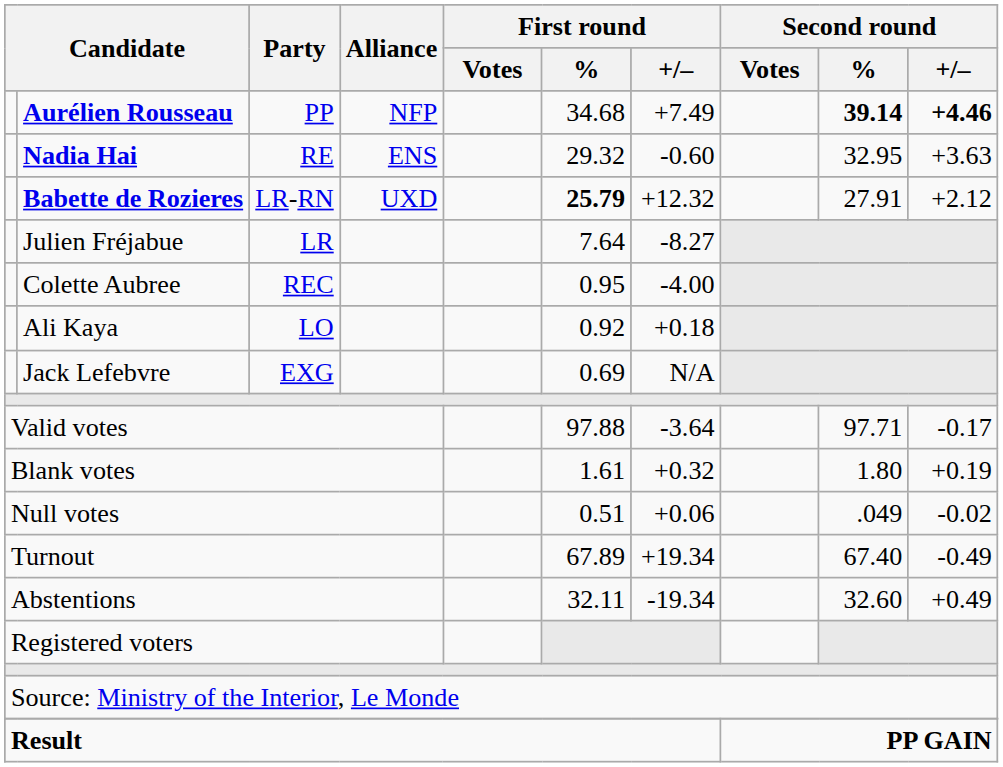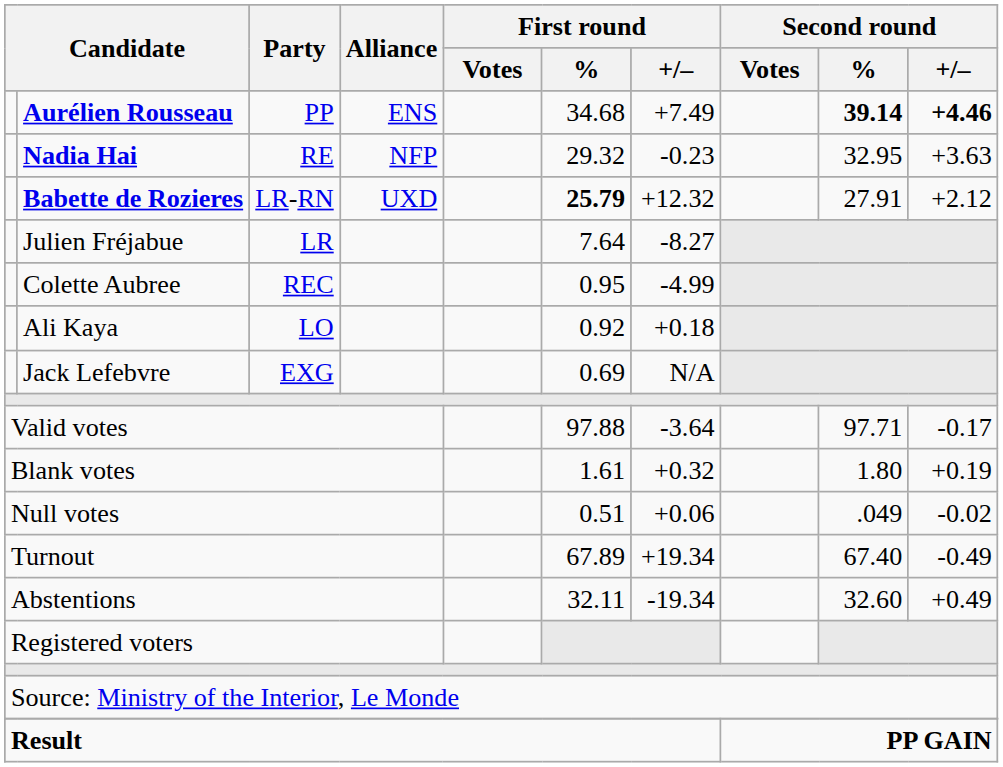 <table class="wikitable" style="text-align:right;font-size:95%;">
 <tr>
 <th rowspan="2" colspan="2">Candidate</th>
 <th rowspan="2">Party</th>
 <th rowspan="2">Alliance</th>
 <th colspan="3">First round</th>
 <th colspan="3">Second round</th>
 </tr>
 <tr>
 <th style="width:50px;">Votes</th>
 <th style="width:45px;">%</th>
 <th style="width:45px;">+/–</th>
 <th style="width:50px;">Votes</th>
 <th style="width:45px;">%</th>
 <th style="width:45px;">+/–</th>
 </tr>
 <tr>
 <td style="color:inherit;background:"></td>
 <td style="text-align:left;"><strong><a href='#'>Aurélien Rousseau</a></strong></td>
 <td><a href='#'>PP</a></td>
-<td><a href='#'>NFP</a></td>
+<td><a href='#'>ENS</a></td>
 <td></td>
 <td>34.68</td>
 <td>+7.49</td>
 <td><strong> </strong></td>
 <td><strong> 39.14 </strong></td>
 <td><strong> +4.46 </strong></td>
 </tr>
 <tr>
 <td style="color:inherit;background:"></td>
 <td style="text-align:left;"><strong><a href='#'>Nadia Hai</a></strong></td>
 <td><a href='#'>RE</a></td>
-<td><a href='#'>ENS</a></td>
+<td><a href='#'>NFP</a></td>
 <td></td>
 <td>29.32</td>
-<td>-0.60</td>
+<td>-0.23</td>
 <td></td>
 <td>32.95</td>
 <td>+3.63</td>
 </tr>
 <tr>
 <td style="color:inherit;background:"></td>
 <td style="text-align:left;"><a href='#'><strong>Babette de Rozieres</strong></a></td>
 <td><a href='#'>LR</a>-<a href='#'>RN</a></td>
 <td><a href='#'>UXD</a></td>
 <td></td>
 <td><strong>25.79</strong></td>
 <td>+12.32</td>
 <td></td>
 <td>27.91</td>
 <td>+2.12</td>
 </tr>
 <tr>
 <td style="color:inherit;background:"></td>
 <td style="text-align:left;">Julien Fréjabue</td>
 <td><a href='#'>LR</a></td>
 <td></td>
 <td></td>
 <td>7.64</td>
 <td>-8.27</td>
 <td colspan="3" style="background:#E9E9E9;"></td>
 </tr>
 <tr>
 <td style="color:inherit;background:"></td>
 <td style="text-align:left;">Colette Aubree</td>
 <td><a href='#'>REC</a></td>
 <td></td>
 <td></td>
 <td>0.95</td>
-<td>-4.00</td>
+<td>-4.99</td>
 <td colspan="3" style="background:#E9E9E9;"></td>
 </tr>
 <tr>
 <td style="color:inherit;background:"></td>
 <td style="text-align:left;">Ali Kaya</td>
 <td><a href='#'>LO</a></td>
 <td></td>
 <td></td>
 <td>0.92</td>
 <td>+0.18</td>
 <td colspan="3" style="background:#E9E9E9;"></td>
 </tr>
 <tr>
 <td style="color:inherit;background:"></td>
 <td style="text-align:left;">Jack Lefebvre</td>
 <td><a href='#'>EXG</a></td>
 <td></td>
 <td></td>
 <td>0.69</td>
 <td>N/A</td>
 <td colspan="3" style="background:#E9E9E9;"></td>
 </tr>
 <tr>
 <td colspan="10" style="background:#E9E9E9;"></td>
 </tr>
 <tr>
 <td colspan="4" style="text-align:left;">Valid votes</td>
 <td></td>
 <td>97.88</td>
 <td>-3.64</td>
 <td></td>
 <td>97.71</td>
 <td>-0.17</td>
 </tr>
 <tr>
 <td colspan="4" style="text-align:left;">Blank votes</td>
 <td></td>
 <td>1.61</td>
 <td>+0.32</td>
 <td></td>
 <td>1.80</td>
 <td>+0.19</td>
 </tr>
 <tr>
 <td colspan="4" style="text-align:left;">Null votes</td>
 <td></td>
 <td>0.51</td>
 <td>+0.06</td>
 <td></td>
 <td>.049</td>
 <td>-0.02</td>
 </tr>
 <tr>
 <td colspan="4" style="text-align:left;">Turnout</td>
 <td></td>
 <td>67.89</td>
 <td>+19.34</td>
 <td></td>
 <td>67.40</td>
 <td>-0.49</td>
 </tr>
 <tr>
 <td colspan="4" style="text-align:left;">Abstentions</td>
 <td></td>
 <td>32.11</td>
 <td>-19.34</td>
 <td></td>
 <td>32.60</td>
 <td>+0.49</td>
 </tr>
 <tr>
 <td colspan="4" style="text-align:left;">Registered voters</td>
 <td></td>
 <td colspan="2" style="background:#E9E9E9;"></td>
 <td></td>
 <td colspan="2" style="background:#E9E9E9;"></td>
 </tr>
 <tr>
 <td colspan="10" style="background:#E9E9E9;"></td>
 </tr>
 <tr>
 <td colspan="10" style="text-align:left;">Source: <a href='#'>Ministry of the Interior</a>, <a href='#'>Le Monde</a></td>
 </tr>
 <tr>
 </tr>
 <tr style="font-weight:bold">
 <td colspan="7" style="text-align:left;">Result</td>
 <td colspan="7" style="background-color:">PP GAIN</td>
 </tr>
 </table>
